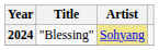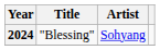 <table class="wikitable plainrowheaders">
 <tr>
 <th scope="col">Year</th>
 <th scope="col">Title</th>
 <th scope="col">Artist</th>
 <th scope="col" class="unsortable"></th>
 </tr>
 <tr>
 <th scope="row">2024</th>
 <td>"Blessing"</td>
-<td style="background: khaki;"><a href='#'>Sohyang</a></td>
+<td><a href='#'>Sohyang</a></td>
 <td style="text-align:center"></td>
 </tr>
 <tr>
 </tr>
 </table>
